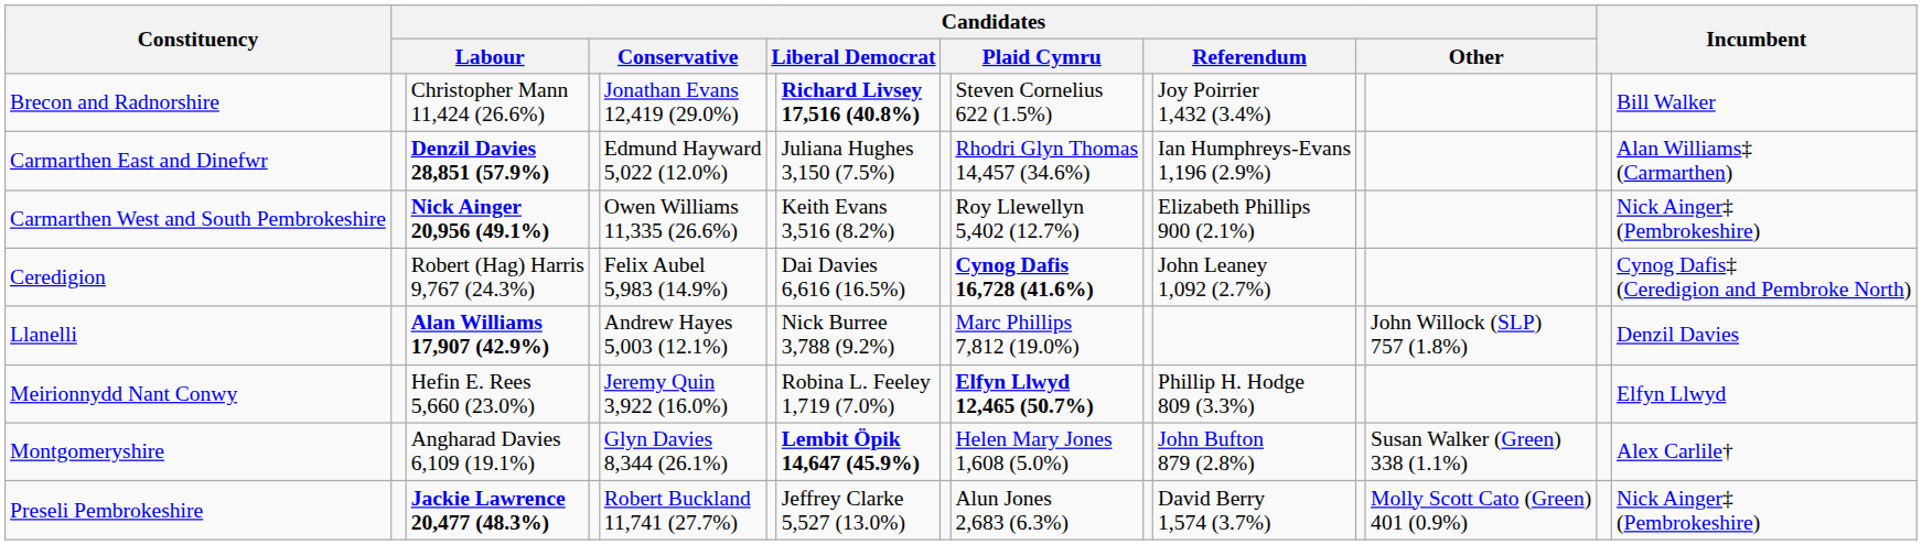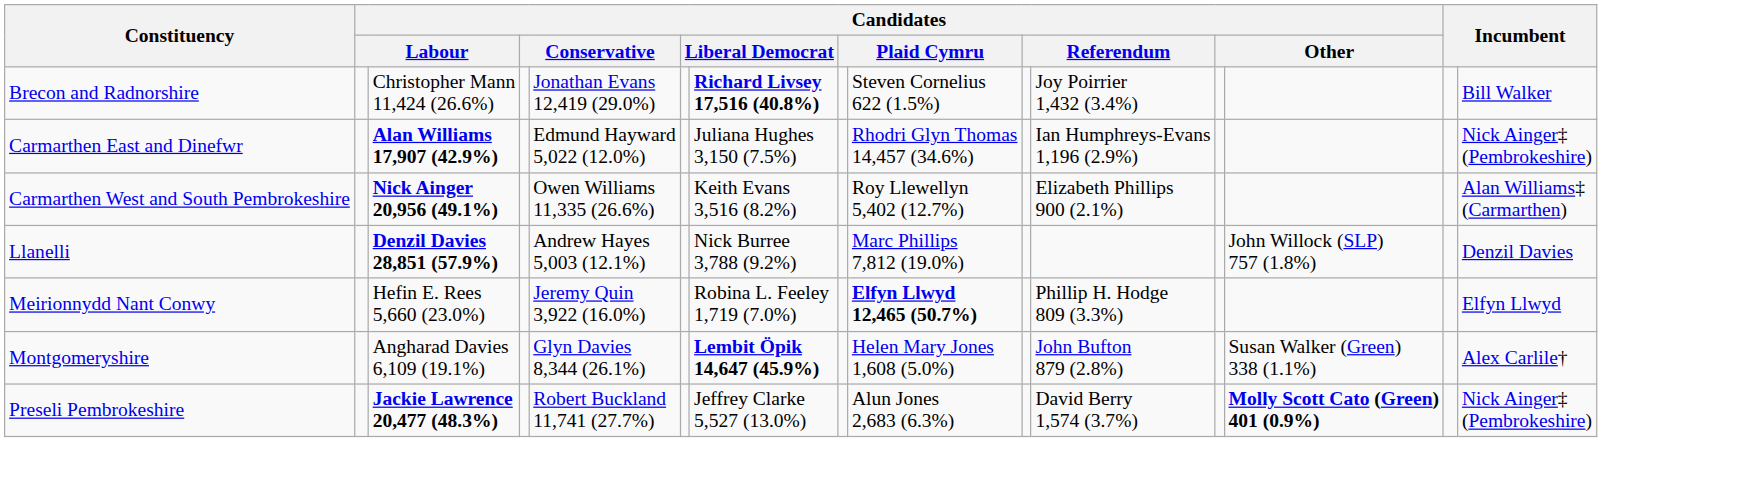 <table class="wikitable">
 <tr>
 <th rowspan="2">Constituency</th>
 <th colspan="12">Candidates</th>
 <th colspan="2" rowspan="2">Incumbent</th>
 </tr>
 <tr>
 <th colspan="2"><a href='#'>Labour</a></th>
 <th colspan="2"><a href='#'>Conservative</a></th>
 <th colspan="2"><a href='#'>Liberal Democrat</a></th>
 <th colspan="2"><a href='#'>Plaid Cymru</a></th>
 <th colspan="2"><a href='#'>Referendum</a></th>
 <th colspan="2">Other</th>
 </tr>
 <tr>
 <td><a href='#'>Brecon and Radnorshire</a></td>
 <td></td>
 <td>Christopher Mann<br>11,424 (26.6%)</td>
 <td></td>
 <td><a href='#'>Jonathan Evans</a><br>12,419 (29.0%)</td>
 <td style="color:inherit;background:"></td>
 <td><strong><a href='#'>Richard Livsey</a></strong><br><strong>17,516 (40.8%)</strong></td>
 <td></td>
 <td>Steven Cornelius<br>622 (1.5%)</td>
 <td></td>
 <td>Joy Poirrier<br>1,432 (3.4%)</td>
 <td></td>
 <td></td>
 <td style="color:inherit;background:"> </td>
 <td><a href='#'>Bill Walker</a></td>
 </tr>
 <tr>
 <td><a href='#'>Carmarthen East and Dinefwr</a></td>
 <td style="color:inherit;background:"> </td>
-<td><strong><a href='#'>Denzil Davies</a></strong><br><strong>28,851 (57.9%)</strong></td>
+<td><strong><a href='#'>Alan Williams</a></strong><br><strong>17,907 (42.9%)</strong></td>
 <td></td>
 <td>Edmund Hayward<br>5,022 (12.0%)</td>
 <td></td>
 <td>Juliana Hughes<br>3,150 (7.5%)</td>
 <td></td>
 <td><a href='#'>Rhodri Glyn Thomas</a><br>14,457 (34.6%)</td>
 <td></td>
 <td>Ian Humphreys-Evans<br>1,196 (2.9%)</td>
 <td></td>
 <td></td>
 <td style="color:inherit;background:"> </td>
-<td><a href='#'>Alan Williams</a>‡<br>(<a href='#'>Carmarthen</a>)</td>
+<td><a href='#'>Nick Ainger</a>‡<br>(<a href='#'>Pembrokeshire</a>)</td>
 </tr>
 <tr>
 <td><a href='#'>Carmarthen West and South Pembrokeshire</a></td>
 <td style="color:inherit;background:"> </td>
 <td><strong><a href='#'>Nick Ainger</a></strong><br><strong>20,956 (49.1%)</strong></td>
 <td></td>
 <td>Owen Williams<br>11,335 (26.6%)</td>
 <td></td>
 <td>Keith Evans<br>3,516 (8.2%)</td>
 <td></td>
 <td>Roy Llewellyn<br>5,402 (12.7%)</td>
 <td></td>
 <td>Elizabeth Phillips<br>900 (2.1%)</td>
 <td></td>
 <td></td>
 <td style="color:inherit;background:"> </td>
-<td><a href='#'>Nick Ainger</a>‡<br>(<a href='#'>Pembrokeshire</a>)</td>
-</tr>
-<tr>
-<td><a href='#'>Ceredigion</a></td>
-<td></td>
-<td>Robert (Hag) Harris<br>9,767 (24.3%)</td>
-<td></td>
-<td>Felix Aubel<br>5,983 (14.9%)</td>
-<td></td>
-<td>Dai Davies<br>6,616 (16.5%)</td>
-<td style="color:inherit;background-color: "></td>
-<td><strong><a href='#'>Cynog Dafis</a></strong><br><strong>16,728 (41.6%)</strong></td>
-<td></td>
-<td>John Leaney<br>1,092 (2.7%)</td>
-<td></td>
-<td></td>
-<td style="color:inherit;background-color: "></td>
-<td><a href='#'>Cynog Dafis</a>‡<br>(<a href='#'>Ceredigion and Pembroke North</a>)</td>
+<td><a href='#'>Alan Williams</a>‡<br>(<a href='#'>Carmarthen</a>)</td>
 </tr>
 <tr>
 <td><a href='#'>Llanelli</a></td>
 <td style="color:inherit;background:"> </td>
-<td><strong><a href='#'>Alan Williams</a></strong><br><strong>17,907 (42.9%)</strong></td>
+<td><strong><a href='#'>Denzil Davies</a></strong><br><strong>28,851 (57.9%)</strong></td>
 <td></td>
 <td>Andrew Hayes<br>5,003 (12.1%)</td>
 <td></td>
 <td>Nick Burree<br>3,788 (9.2%)</td>
 <td></td>
 <td><a href='#'>Marc Phillips</a><br>7,812 (19.0%)</td>
 <td></td>
 <td></td>
 <td></td>
 <td>John Willock (<a href='#'>SLP</a>)<br>757 (1.8%)</td>
 <td style="color:inherit;background:"> </td>
 <td><a href='#'>Denzil Davies</a></td>
 </tr>
 <tr>
 <td><a href='#'>Meirionnydd Nant Conwy</a></td>
 <td></td>
 <td>Hefin E. Rees<br>5,660 (23.0%)</td>
 <td></td>
 <td><a href='#'>Jeremy Quin</a><br>3,922 (16.0%)</td>
 <td></td>
 <td>Robina L. Feeley<br>1,719 (7.0%)</td>
 <td style="color:inherit;background-color: "></td>
 <td><strong><a href='#'>Elfyn Llwyd</a></strong><br><strong>12,465 (50.7%)</strong></td>
 <td></td>
 <td>Phillip H. Hodge<br>809 (3.3%)</td>
 <td></td>
 <td></td>
 <td style="color:inherit;background-color: "></td>
 <td><a href='#'>Elfyn Llwyd</a></td>
 </tr>
 <tr>
 <td><a href='#'>Montgomeryshire</a></td>
 <td></td>
 <td>Angharad Davies<br>6,109 (19.1%)</td>
 <td></td>
 <td><a href='#'>Glyn Davies</a><br>8,344 (26.1%)</td>
 <td style="color:inherit;background:"></td>
 <td><strong><a href='#'>Lembit Öpik</a></strong><br><strong>14,647 (45.9%)</strong></td>
 <td></td>
 <td><a href='#'>Helen Mary Jones</a><br>1,608 (5.0%)</td>
 <td></td>
 <td><a href='#'>John Bufton</a><br>879 (2.8%)</td>
 <td></td>
 <td>Susan Walker (<a href='#'>Green</a>)<br>338 (1.1%)</td>
 <td style="color:inherit;background:"></td>
 <td><a href='#'>Alex Carlile</a>†</td>
 </tr>
 <tr>
 <td><a href='#'>Preseli Pembrokeshire</a></td>
 <td style="color:inherit;background:"> </td>
 <td><strong><a href='#'>Jackie Lawrence</a></strong><br><strong>20,477 (48.3%)</strong></td>
 <td></td>
 <td><a href='#'>Robert Buckland</a><br>11,741 (27.7%)</td>
 <td></td>
 <td>Jeffrey Clarke<br>5,527 (13.0%)</td>
 <td></td>
 <td>Alun Jones<br>2,683 (6.3%)</td>
 <td></td>
 <td>David Berry<br>1,574 (3.7%)</td>
 <td></td>
-<td><a href='#'>Molly Scott Cato</a> (<a href='#'>Green</a>)<br>401 (0.9%)</td>
+<td><strong><a href='#'>Molly Scott Cato</a> (<a href='#'>Green</a>)<br>401 (0.9%)</strong></td>
 <td style="color:inherit;background:"> </td>
 <td><a href='#'>Nick Ainger</a>‡<br>(<a href='#'>Pembrokeshire</a>)</td>
 </tr>
 </table>
